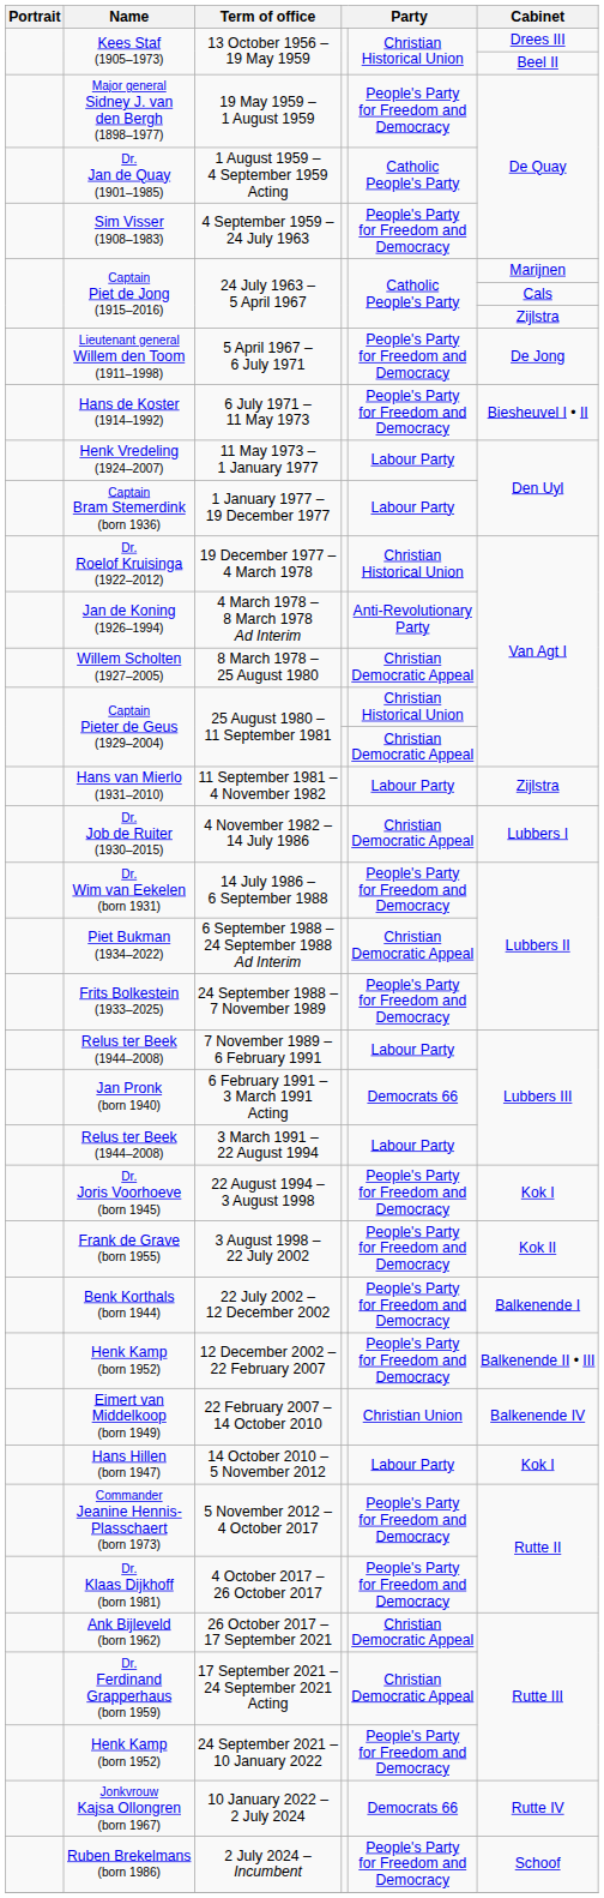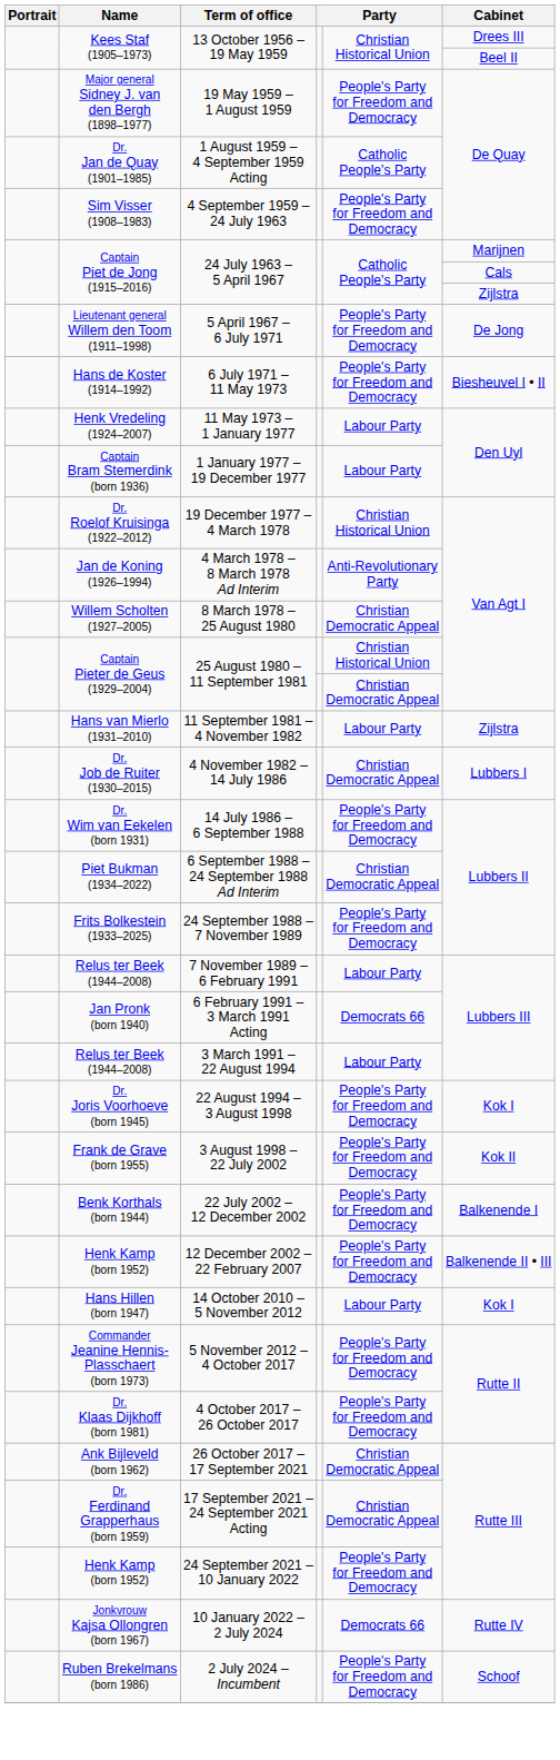 <table class="wikitable" style="text-align:center">
 <tr>
 <th>Portrait</th>
 <th>Name</th>
 <th>Term of office</th>
 <th colspan=2>Party</th>
 <th>Cabinet</th>
 </tr>
 <tr>
 <td rowspan=2></td>
 <td rowspan=2><a href='#'>Kees Staf</a> <br> <small>(1905–1973)</small></td>
 <td rowspan=2>13 October 1956 – <br> 19 May 1959 <br> </td>
 <td rowspan=2 style="background:"></td>
 <td rowspan=2><a href='#'>Christian <br> Historical Union</a></td>
 <td><a href='#'>Drees III</a> <br></td>
 </tr>
 <tr>
 <td><a href='#'>Beel II</a> <br></td>
 </tr>
 <tr>
 <td></td>
 <td><small><a href='#'>Major general</a></small> <br> <a href='#'>Sidney J. van <br> den Bergh</a> <br> <small>(1898–1977)</small></td>
 <td>19 May 1959 – <br> 1 August 1959 <br> </td>
 <td style="background:"></td>
 <td><a href='#'>People's Party <br> for Freedom and <br> Democracy</a></td>
 <td rowspan=3><a href='#'>De Quay</a> <br></td>
 </tr>
 <tr>
 <td></td>
 <td><small><a href='#'>Dr.</a></small> <br> <a href='#'>Jan de Quay</a> <br> <small>(1901–1985)</small></td>
 <td>1 August 1959 – <br> 4 September 1959 <br> Acting</td>
 <td style="background:"></td>
 <td><a href='#'>Catholic <br> People's Party</a></td>
 </tr>
 <tr>
 <td></td>
 <td><a href='#'>Sim Visser</a> <br> <small>(1908–1983)</small></td>
 <td>4 September 1959 – <br> 24 July 1963</td>
 <td style="background:"></td>
 <td><a href='#'>People's Party <br> for Freedom and <br> Democracy</a></td>
 </tr>
 <tr>
 <td rowspan=3></td>
 <td rowspan=3><small><a href='#'>Captain</a></small> <br> <a href='#'>Piet de Jong</a> <br> <small>(1915–2016)</small></td>
 <td rowspan=3>24 July 1963 – <br> 5 April 1967</td>
 <td rowspan=3 style="background:"></td>
 <td rowspan=3><a href='#'>Catholic <br> People's Party</a></td>
 <td><a href='#'>Marijnen</a> <br></td>
 </tr>
 <tr>
 <td><a href='#'>Cals</a> <br></td>
 </tr>
 <tr>
 <td><a href='#'>Zijlstra</a> <br></td>
 </tr>
 <tr>
 <td></td>
 <td><small><a href='#'>Lieutenant general</a></small> <br> <a href='#'>Willem den Toom</a> <br> <small>(1911–1998)</small></td>
 <td>5 April 1967 – <br> 6 July 1971</td>
 <td style="background:"></td>
 <td><a href='#'>People's Party <br> for Freedom and <br> Democracy</a></td>
 <td><a href='#'>De Jong</a> <br></td>
 </tr>
 <tr>
 <td></td>
 <td><a href='#'>Hans de Koster</a> <br> <small>(1914–1992)</small></td>
 <td>6 July 1971 – <br> 11 May 1973</td>
 <td style="background:"></td>
 <td><a href='#'>People's Party <br> for Freedom and <br> Democracy</a></td>
 <td><a href='#'>Biesheuvel I</a> • <a href='#'>II</a> <br></td>
 </tr>
 <tr>
 <td></td>
 <td><a href='#'>Henk Vredeling</a> <br> <small>(1924–2007)</small></td>
 <td>11 May 1973 – <br> 1 January 1977 <br> </td>
 <td style="background:"></td>
 <td><a href='#'>Labour Party</a></td>
 <td rowspan=2><a href='#'>Den Uyl</a> <br></td>
 </tr>
 <tr>
 <td></td>
 <td><small><a href='#'>Captain</a></small> <br> <a href='#'>Bram Stemerdink</a> <br> <small>(born 1936)</small></td>
 <td>1 January 1977 – <br> 19 December 1977</td>
 <td style="background:"></td>
 <td><a href='#'>Labour Party</a></td>
 </tr>
 <tr>
 <td></td>
 <td><small><a href='#'>Dr.</a></small> <br> <a href='#'>Roelof Kruisinga</a> <br> <small>(1922–2012)</small></td>
 <td>19 December 1977 – <br> 4 March 1978 <br> </td>
 <td style="background:"></td>
 <td><a href='#'>Christian <br> Historical Union</a></td>
 <td rowspan=5><a href='#'>Van Agt I</a> <br></td>
 </tr>
 <tr>
 <td></td>
 <td><a href='#'>Jan de Koning</a> <br> <small>(1926–1994)</small></td>
 <td>4 March 1978 – <br> 8 March 1978 <br> <em>Ad Interim</em> </td>
 <td style="background:"></td>
 <td><a href='#'>Anti-Revolutionary <br> Party</a></td>
 </tr>
 <tr>
 <td></td>
 <td><a href='#'>Willem Scholten</a> <br> <small>(1927–2005)</small></td>
 <td>8 March 1978 – <br> 25 August 1980 <br> </td>
 <td style="background:"></td>
 <td><a href='#'>Christian <br> Democratic Appeal</a></td>
 </tr>
 <tr>
 <td rowspan=2></td>
 <td rowspan=2><small><a href='#'>Captain</a></small> <br> <a href='#'>Pieter de Geus</a> <br> <small>(1929–2004)</small></td>
 <td rowspan=2>25 August 1980 – <br> 11 September 1981</td>
 <td style="background:"></td>
 <td><a href='#'>Christian <br> Historical Union</a></td>
 </tr>
 <tr>
 <td style="background:"></td>
 <td><a href='#'>Christian <br> Democratic Appeal</a></td>
 </tr>
 <tr>
 <td></td>
 <td><a href='#'>Hans van Mierlo</a> <br> <small>(1931–2010)</small></td>
 <td>11 September 1981 – <br> 4 November 1982</td>
 <td style="background:"></td>
 <td><a href='#'>Labour Party</a></td>
 <td><a href='#'>Zijlstra</a> <br></td>
 </tr>
 <tr>
 <td></td>
 <td><small><a href='#'>Dr.</a></small> <br> <a href='#'>Job de Ruiter</a> <br> <small>(1930–2015)</small></td>
 <td>4 November 1982 – <br> 14 July 1986</td>
 <td style="background:"></td>
 <td><a href='#'>Christian <br> Democratic Appeal</a></td>
 <td><a href='#'>Lubbers I</a> <br></td>
 </tr>
 <tr>
 <td></td>
 <td><small><a href='#'>Dr.</a></small> <br> <a href='#'>Wim van Eekelen</a> <br> <small>(born 1931)</small></td>
 <td>14 July 1986 – <br> 6 September 1988 <br> </td>
 <td style="background:"></td>
 <td><a href='#'>People's Party <br> for Freedom and <br> Democracy</a></td>
 <td rowspan=3><a href='#'>Lubbers II</a> <br></td>
 </tr>
 <tr>
 <td></td>
 <td><a href='#'>Piet Bukman</a> <br> <small>(1934–2022)</small></td>
 <td>6 September 1988 – <br> 24 September 1988 <br> <em>Ad Interim</em> </td>
 <td style="background:"></td>
 <td><a href='#'>Christian <br> Democratic Appeal</a></td>
 </tr>
 <tr>
 <td></td>
 <td><a href='#'>Frits Bolkestein</a> <br> <small>(1933–2025)</small></td>
 <td>24 September 1988 – <br> 7 November 1989</td>
 <td style="background:"></td>
 <td><a href='#'>People's Party <br> for Freedom and <br> Democracy</a></td>
 </tr>
 <tr>
 <td></td>
 <td><a href='#'>Relus ter Beek</a> <br> <small>(1944–2008)</small></td>
 <td>7 November 1989 – <br> 6 February 1991 <br> </td>
 <td style="background:"></td>
 <td><a href='#'>Labour Party</a></td>
 <td rowspan=3><a href='#'>Lubbers III</a> <br></td>
 </tr>
 <tr>
 <td></td>
 <td><a href='#'>Jan Pronk</a> <br> <small>(born 1940)</small></td>
 <td>6 February 1991 – <br> 3 March 1991 <br> Acting </td>
 <td style="background:"></td>
 <td><a href='#'>Democrats 66</a></td>
 </tr>
 <tr>
 <td></td>
 <td><a href='#'>Relus ter Beek</a> <br> <small>(1944–2008)</small></td>
 <td>3 March 1991 – <br> 22 August 1994</td>
 <td style="background:"></td>
 <td><a href='#'>Labour Party</a></td>
 </tr>
 <tr>
 <td></td>
 <td><small><a href='#'>Dr.</a></small> <br> <a href='#'>Joris Voorhoeve</a> <br> <small>(born 1945)</small></td>
 <td>22 August 1994 – <br> 3 August 1998 <br> </td>
 <td style="background:"></td>
 <td><a href='#'>People's Party <br> for Freedom and <br> Democracy</a></td>
 <td><a href='#'>Kok I</a> <br></td>
 </tr>
 <tr>
 <td></td>
 <td><a href='#'>Frank de Grave</a> <br> <small>(born 1955)</small></td>
 <td>3 August 1998 – <br> 22 July 2002</td>
 <td style="background:"></td>
 <td><a href='#'>People's Party <br> for Freedom and <br> Democracy</a></td>
 <td><a href='#'>Kok II</a> <br></td>
 </tr>
 <tr>
 <td></td>
 <td><a href='#'>Benk Korthals</a> <br> <small>(born 1944)</small></td>
 <td>22 July 2002 – <br> 12 December 2002 <br> </td>
 <td style="background:"></td>
 <td><a href='#'>People's Party <br> for Freedom and <br> Democracy</a></td>
 <td rowspan=2><a href='#'>Balkenende I</a> <br></td>
 </tr>
 <tr>
 <td rowspan=2></td>
 <td rowspan=2><a href='#'>Henk Kamp</a> <br> <small>(born 1952)</small></td>
 <td rowspan=2>12 December 2002 – <br> 22 February 2007 <br> </td>
 <td rowspan=2 style="background:"></td>
 <td rowspan=2><a href='#'>People's Party <br> for Freedom and <br> Democracy</a></td>
 </tr>
 <tr>
 <td><a href='#'>Balkenende II</a> • <a href='#'>III</a> <br></td>
 </tr>
 <tr>
 <td></td>
-<td><a href='#'>Eimert van <br> Middelkoop</a> <br> <small>(born 1949)</small></td>
-<td>22 February 2007 – <br> 14 October 2010 <br> </td>
-<td style="background:"></td>
-<td><a href='#'>Christian Union</a></td>
-<td><a href='#'>Balkenende IV</a> <br></td>
-</tr>
-<tr>
-<td></td>
 <td><a href='#'>Hans Hillen</a> <br> <small>(born 1947)</small></td>
 <td>14 October 2010 – <br> 5 November 2012</td>
 <td style="background:"></td>
 <td><a href='#'>Labour Party</a></td>
 <td><a href='#'>Kok I</a> <br></td>
 </tr>
 <tr>
 <td></td>
 <td><small><a href='#'>Commander</a></small> <br> <a href='#'>Jeanine Hennis-<br>Plasschaert</a> <br> <small>(born 1973)</small></td>
 <td>5 November 2012 – <br> 4 October 2017 <br> </td>
 <td style="background:"></td>
 <td><a href='#'>People's Party <br> for Freedom and <br> Democracy</a></td>
 <td rowspan=2><a href='#'>Rutte II</a> <br></td>
 </tr>
 <tr>
 <td></td>
 <td><small><a href='#'>Dr.</a></small> <br> <a href='#'>Klaas Dijkhoff</a> <br> <small>(born 1981)</small></td>
 <td>4 October 2017 – <br> 26 October 2017</td>
 <td style="background:"></td>
 <td><a href='#'>People's Party <br> for Freedom and <br> Democracy</a></td>
 </tr>
 <tr>
 <td></td>
 <td><a href='#'>Ank Bijleveld</a> <br> <small>(born 1962)</small></td>
 <td>26 October 2017 – <br> 17 September 2021 <br> </td>
 <td style="background:"></td>
 <td><a href='#'>Christian <br> Democratic Appeal</a></td>
 <td rowspan=3><a href='#'>Rutte III</a> <br></td>
 </tr>
 <tr>
 <td></td>
 <td><small><a href='#'>Dr.</a></small> <br> <a href='#'>Ferdinand <br> Grapperhaus</a> <br> <small>(born 1959)</small></td>
 <td>17 September 2021 – <br> 24 September 2021 <br> Acting </td>
 <td style="background:"></td>
 <td><a href='#'>Christian <br> Democratic Appeal</a></td>
 </tr>
 <tr>
 <td></td>
 <td><a href='#'>Henk Kamp</a> <br> <small>(born 1952)</small></td>
 <td>24 September 2021 – <br> 10 January 2022</td>
 <td style="background:"></td>
 <td><a href='#'>People's Party <br> for Freedom and <br> Democracy</a></td>
 </tr>
 <tr>
 <td></td>
 <td><small><a href='#'>Jonkvrouw</a></small> <br> <a href='#'>Kajsa Ollongren</a> <br> <small>(born 1967)</small></td>
 <td>10 January 2022 – <br> 2 July 2024</td>
 <td style="background:"></td>
 <td><a href='#'>Democrats 66</a></td>
 <td><a href='#'>Rutte IV</a> <br></td>
 </tr>
 <tr>
 <td></td>
 <td><a href='#'>Ruben Brekelmans</a> <br> <small>(born 1986)</small></td>
 <td>2 July 2024 – <br> <em>Incumbent</em></td>
 <td style="background:"></td>
 <td><a href='#'>People's Party <br> for Freedom and <br> Democracy</a></td>
 <td><a href='#'>Schoof</a> <br></td>
 </tr>
 <tr>
 </tr>
 </table>
